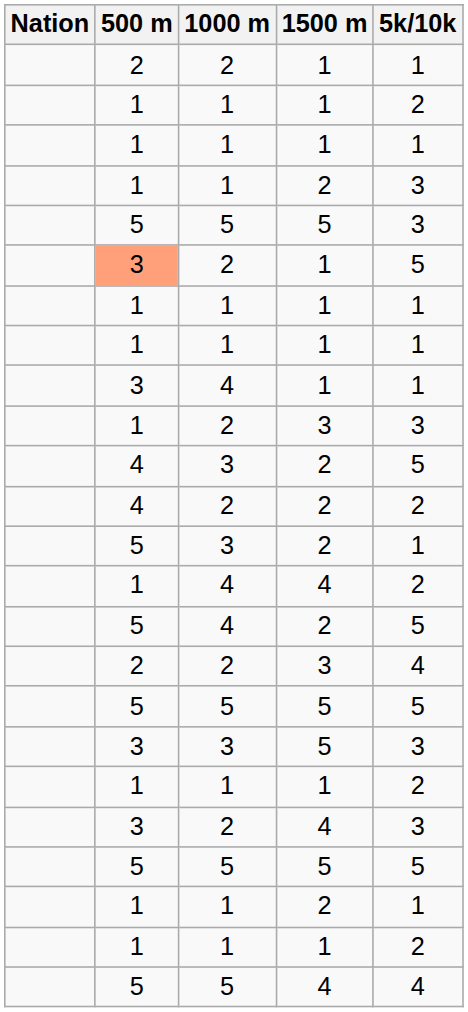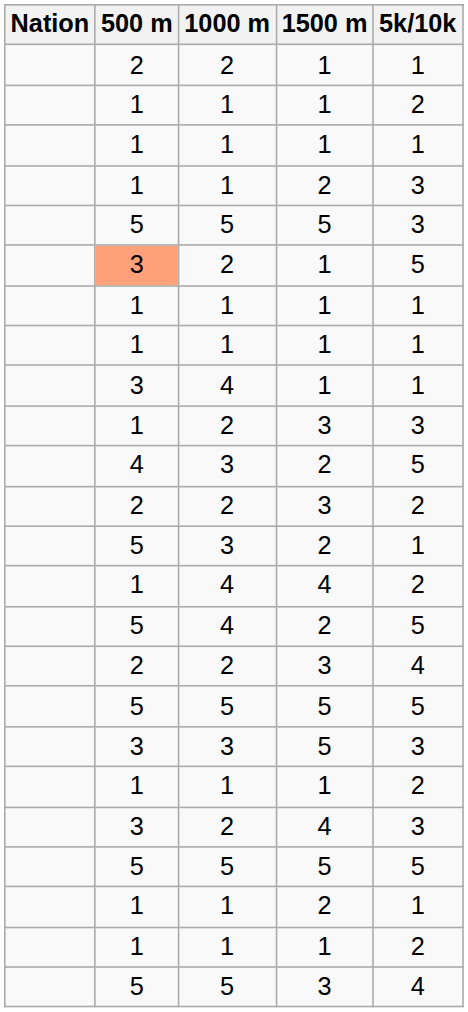 <table class="wikitable" border="1" style="text-align:center">
 <tr>
 <th>Nation</th>
 <th>500 m</th>
 <th>1000 m</th>
 <th>1500 m</th>
 <th>5k/10k</th>
 </tr>
 <tr>
 <td align=left></td>
 <td>2</td>
 <td>2</td>
 <td>1</td>
 <td>1</td>
 </tr>
 <tr>
 <td align=left></td>
 <td>1</td>
 <td>1</td>
 <td>1</td>
 <td>2</td>
 </tr>
 <tr>
 <td align=left></td>
 <td>1</td>
 <td>1</td>
 <td>1</td>
 <td>1</td>
 </tr>
 <tr>
 <td align=left></td>
 <td>1</td>
 <td>1</td>
 <td>2</td>
 <td>3</td>
 </tr>
 <tr>
 <td align=left></td>
 <td>5</td>
 <td>5</td>
 <td>5</td>
 <td>3</td>
 </tr>
 <tr>
 <td align=left></td>
 <td style="background: lightsalmon;">3</td>
 <td>2</td>
 <td>1</td>
 <td>5</td>
 </tr>
 <tr>
 <td align=left></td>
 <td>1</td>
 <td>1</td>
 <td>1</td>
 <td>1</td>
 </tr>
 <tr>
 <td align=left></td>
 <td>1</td>
 <td>1</td>
 <td>1</td>
 <td>1</td>
 </tr>
 <tr>
 <td align=left></td>
 <td>3</td>
 <td>4</td>
 <td>1</td>
 <td>1</td>
 </tr>
 <tr>
 <td align=left></td>
 <td>1</td>
 <td>2</td>
 <td>3</td>
 <td>3</td>
 </tr>
 <tr>
 <td align=left></td>
 <td>4</td>
 <td>3</td>
 <td>2</td>
 <td>5</td>
 </tr>
 <tr>
 <td align=left></td>
-<td>4</td>
 <td>2</td>
 <td>2</td>
+<td>3</td>
 <td>2</td>
 </tr>
 <tr>
 <td align=left></td>
 <td>5</td>
 <td>3</td>
 <td>2</td>
 <td>1</td>
 </tr>
 <tr>
 <td align=left></td>
 <td>1</td>
 <td>4</td>
 <td>4</td>
 <td>2</td>
 </tr>
 <tr>
 <td align=left></td>
 <td>5</td>
 <td>4</td>
 <td>2</td>
 <td>5</td>
 </tr>
 <tr>
 <td align=left></td>
 <td>2</td>
 <td>2</td>
 <td>3</td>
 <td>4</td>
 </tr>
 <tr>
 <td align=left></td>
 <td>5</td>
 <td>5</td>
 <td>5</td>
 <td>5</td>
 </tr>
 <tr>
 <td align=left></td>
 <td>3</td>
 <td>3</td>
 <td>5</td>
 <td>3</td>
 </tr>
 <tr>
 <td align=left></td>
 <td>1</td>
 <td>1</td>
 <td>1</td>
 <td>2</td>
 </tr>
 <tr>
 <td align=left></td>
 <td>3</td>
 <td>2</td>
 <td>4</td>
 <td>3</td>
 </tr>
 <tr>
 <td align=left></td>
 <td>5</td>
 <td>5</td>
 <td>5</td>
 <td>5</td>
 </tr>
 <tr>
 <td align=left></td>
 <td>1</td>
 <td>1</td>
 <td>2</td>
 <td>1</td>
 </tr>
 <tr>
 <td align=left></td>
 <td>1</td>
 <td>1</td>
 <td>1</td>
 <td>2</td>
 </tr>
 <tr>
 <td align=left></td>
 <td>5</td>
 <td>5</td>
-<td>4</td>
+<td>3</td>
 <td>4</td>
 </tr>
 </table>
